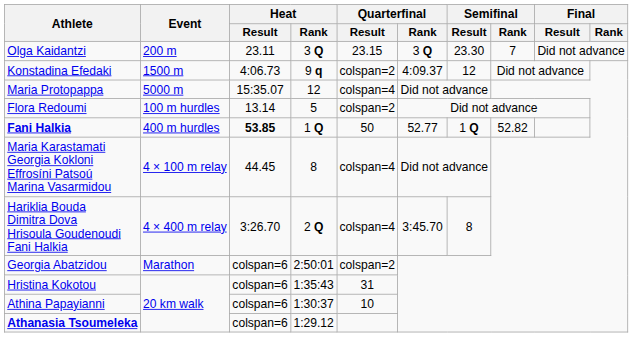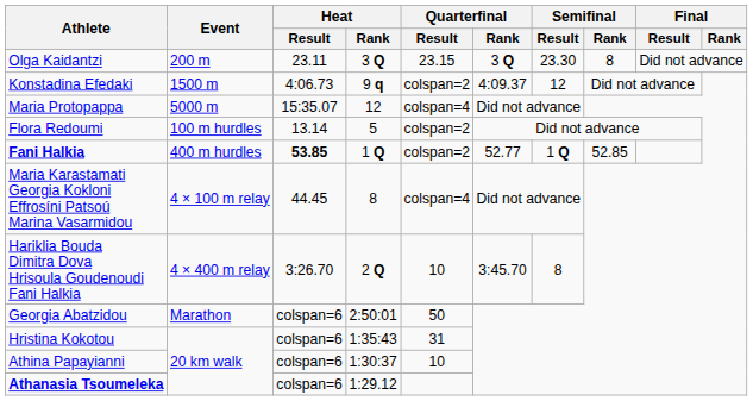 <table class=wikitable style="font-size:90%">
 <tr>
 <th rowspan="2">Athlete</th>
 <th rowspan="2">Event</th>
 <th colspan="2">Heat</th>
 <th colspan="2">Quarterfinal</th>
 <th colspan="2">Semifinal</th>
 <th colspan="2">Final</th>
 </tr>
 <tr style="font-size:95%">
 <th>Result</th>
 <th>Rank</th>
 <th>Result</th>
 <th>Rank</th>
 <th>Result</th>
 <th>Rank</th>
 <th>Result</th>
 <th>Rank</th>
 </tr>
 <tr align=center>
 <td align=left><a href='#'>Olga Kaidantzi</a></td>
 <td align=left><a href='#'>200 m</a></td>
 <td>23.11</td>
 <td>3 <strong>Q</strong></td>
 <td>23.15</td>
 <td>3 <strong>Q</strong></td>
 <td>23.30</td>
-<td>7</td>
+<td>8</td>
 <td colspan=2>Did not advance</td>
 </tr>
 <tr align=center>
 <td align=left><a href='#'>Konstadina Efedaki</a></td>
 <td align=left><a href='#'>1500 m</a></td>
 <td>4:06.73</td>
 <td>9 <strong>q</strong></td>
 <td>colspan=2 </td>
 <td>4:09.37</td>
 <td>12</td>
 <td colspan=2>Did not advance</td>
 </tr>
 <tr align=center>
 <td align=left><a href='#'>Maria Protopappa</a></td>
 <td align=left><a href='#'>5000 m</a></td>
 <td>15:35.07</td>
 <td>12</td>
 <td>colspan=4 </td>
 <td colspan=2>Did not advance</td>
 </tr>
 <tr align=center>
 <td align=left><a href='#'>Flora Redoumi</a></td>
 <td align=left><a href='#'>100 m hurdles</a></td>
 <td>13.14</td>
 <td>5</td>
 <td>colspan=2 </td>
 <td colspan=4>Did not advance</td>
 </tr>
 <tr align=center>
 <td align=left><strong><a href='#'>Fani Halkia</a></strong></td>
 <td align=left><a href='#'>400 m hurdles</a></td>
 <td><strong>53.85</strong></td>
 <td>1 <strong>Q</strong></td>
-<td>50</td>
+<td>colspan=2 </td>
 <td>52.77 </td>
 <td>1 <strong>Q</strong></td>
-<td>52.82</td>
+<td>52.85</td>
 <td></td>
 </tr>
 <tr align=center>
 <td align=left><a href='#'>Maria Karastamati</a><br><a href='#'>Georgia Kokloni</a><br><a href='#'>Effrosíni Patsoú</a><br><a href='#'>Marina Vasarmidou</a></td>
 <td align=left><a href='#'>4 × 100 m relay</a></td>
 <td>44.45</td>
 <td>8</td>
 <td>colspan=4 </td>
 <td colspan=2>Did not advance</td>
 </tr>
 <tr align=center>
 <td align=left><a href='#'>Hariklia Bouda</a><br><a href='#'>Dimitra Dova</a><br><a href='#'>Hrisoula Goudenoudi</a><br><a href='#'>Fani Halkia</a></td>
 <td align=left><a href='#'>4 × 400 m relay</a></td>
 <td>3:26.70</td>
 <td>2 <strong>Q</strong></td>
-<td>colspan=4 </td>
+<td>10</td>
 <td>3:45.70</td>
 <td>8</td>
 </tr>
 <tr align=center>
 <td align=left><a href='#'>Georgia Abatzidou</a></td>
 <td align=left><a href='#'>Marathon</a></td>
 <td>colspan=6 </td>
 <td>2:50:01</td>
-<td>colspan=2 </td>
+<td>50</td>
 </tr>
 <tr align=center>
 <td align=left><a href='#'>Hristina Kokotou</a></td>
 <td align=left rowspan=3><a href='#'>20 km walk</a></td>
 <td>colspan=6 </td>
 <td>1:35:43</td>
 <td>31</td>
 </tr>
 <tr align=center>
 <td align=left><a href='#'>Athina Papayianni</a></td>
 <td>colspan=6 </td>
 <td>1:30:37</td>
 <td>10</td>
 </tr>
 <tr align=center>
 <td align=left><strong><a href='#'>Athanasia Tsoumeleka</a></strong></td>
 <td>colspan=6 </td>
 <td>1:29.12</td>
 <td></td>
 </tr>
 </table>
